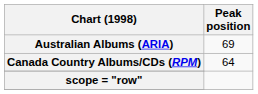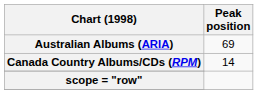 <table class="wikitable sortable plainrowheaders">
 <tr>
 <th>Chart (1998)</th>
 <th>Peak<br>position</th>
 </tr>
 <tr>
 <th scope="row">Australian Albums (<a href='#'>ARIA</a>)</th>
 <td align="center">69</td>
 </tr>
 <tr>
 <th scope="row">Canada Country Albums/CDs (<em><a href='#'>RPM</a></em>)</th>
-<td align="center">64</td>
+<td align="center">14</td>
 </tr>
 <tr>
 </tr>
 <tr>
 <th>scope = "row" </th>
 </tr>
 <tr>
 </tr>
 </table>
